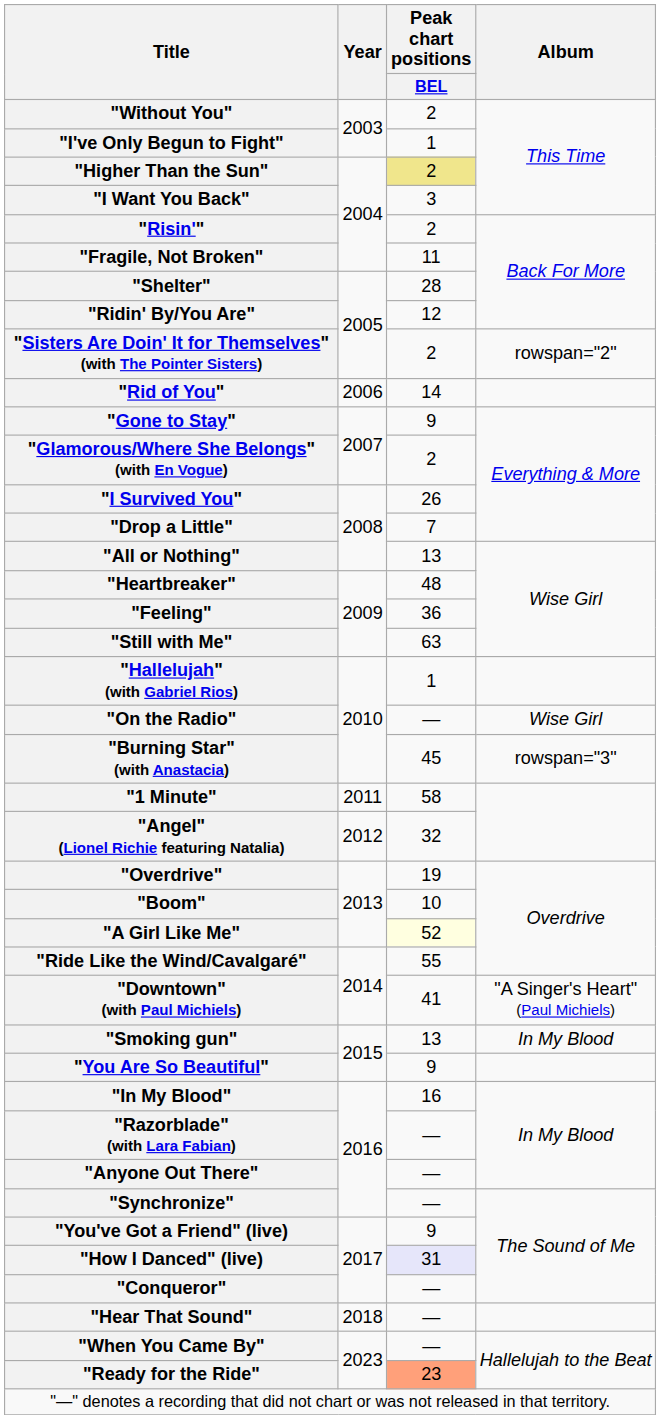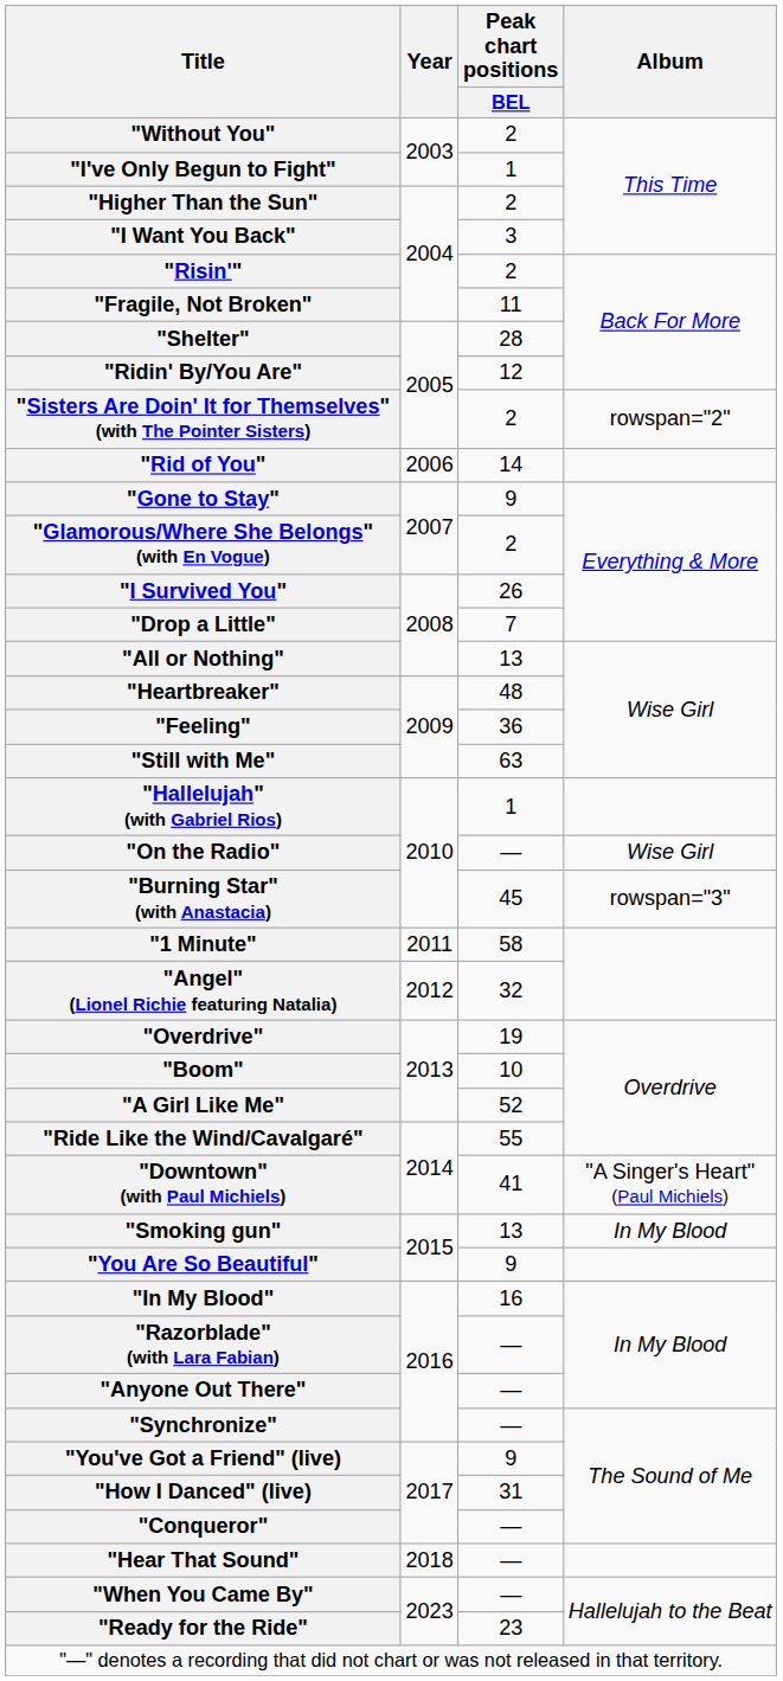 <table class="wikitable plainrowheaders" style="text-align:center;" border="1">
 <tr>
 <th scope="col" rowspan="2" style="width:18em;">Title</th>
 <th scope="col" rowspan="2">Year</th>
 <th scope="col" colspan="1">Peak chart positions</th>
 <th scope="col" rowspan="2">Album</th>
 </tr>
 <tr>
 <th scope="col" style="width:3.5em;font-size:90%;"><a href='#'>BEL</a><br></th>
 </tr>
 <tr>
 <th scope="row">"Without You"</th>
 <td rowspan="2">2003</td>
 <td>2</td>
 <td rowspan="4"><em><a href='#'>This Time</a></em></td>
 </tr>
 <tr>
 <th scope="row">"I've Only Begun to Fight"</th>
 <td>1</td>
 </tr>
 <tr>
 <th scope="row">"Higher Than the Sun"</th>
 <td rowspan="4">2004</td>
-<td style="background: khaki;">2</td>
+<td>2</td>
 </tr>
 <tr>
 <th scope="row">"I Want You Back"</th>
 <td>3</td>
 </tr>
 <tr>
 <th scope="row">"<a href='#'>Risin'</a>"</th>
 <td>2</td>
 <td rowspan="4"><em><a href='#'>Back For More</a></em></td>
 </tr>
 <tr>
 <th scope="row">"Fragile, Not Broken"</th>
 <td>11</td>
 </tr>
 <tr>
 <th scope="row">"Shelter"</th>
 <td rowspan="3">2005</td>
 <td>28</td>
 </tr>
 <tr>
 <th scope="row">"Ridin' By/You Are"</th>
 <td>12</td>
 </tr>
 <tr>
 <th scope="row">"<a href='#'>Sisters Are Doin' It for Themselves</a>"<br><small>(with <a href='#'>The Pointer Sisters</a>)</small></th>
 <td>2</td>
 <td>rowspan="2"</td>
 </tr>
 <tr>
 <th scope="row">"<a href='#'>Rid of You</a>"</th>
 <td>2006</td>
 <td>14</td>
 </tr>
 <tr>
 <th scope="row">"<a href='#'>Gone to Stay</a>"</th>
 <td rowspan="2">2007</td>
 <td>9</td>
 <td rowspan="4"><em><a href='#'>Everything & More</a></em></td>
 </tr>
 <tr>
 <th scope="row">"<a href='#'>Glamorous/Where She Belongs</a>"<br><small>(with <a href='#'>En Vogue</a>)</small></th>
 <td>2</td>
 </tr>
 <tr>
 <th scope="row">"<a href='#'>I Survived You</a>"</th>
 <td rowspan="3">2008</td>
 <td>26</td>
 </tr>
 <tr>
 <th scope="row">"Drop a Little"</th>
 <td>7</td>
 </tr>
 <tr>
 <th scope="row">"All or Nothing"</th>
 <td>13</td>
 <td rowspan="4"><em>Wise Girl</em></td>
 </tr>
 <tr>
 <th scope="row">"Heartbreaker"</th>
 <td rowspan="3">2009</td>
 <td>48</td>
 </tr>
 <tr>
 <th scope="row">"Feeling"</th>
 <td>36</td>
 </tr>
 <tr>
 <th scope="row">"Still with Me"</th>
 <td>63</td>
 </tr>
 <tr>
 <th scope="row">"<a href='#'>Hallelujah</a>"<br><small>(with <a href='#'>Gabriel Rios</a>)</small></th>
 <td rowspan="3">2010</td>
 <td>1</td>
 <td></td>
 </tr>
 <tr>
 <th scope="row">"On the Radio"</th>
 <td>—</td>
 <td><em>Wise Girl</em></td>
 </tr>
 <tr>
 <th scope="row">"Burning Star"<br><small>(with <a href='#'>Anastacia</a>)</small></th>
 <td>45</td>
 <td>rowspan="3" </td>
 </tr>
 <tr>
 <th scope="row">"1 Minute"</th>
 <td>2011</td>
 <td>58</td>
 </tr>
 <tr>
 <th scope="row">"Angel"<br><small>(<a href='#'>Lionel Richie</a> featuring Natalia)</small></th>
 <td>2012</td>
 <td>32</td>
 </tr>
 <tr>
 <th scope="row">"Overdrive"</th>
 <td rowspan="3">2013</td>
 <td>19</td>
 <td rowspan="4"><em>Overdrive</em></td>
 </tr>
 <tr>
 <th scope="row">"Boom"</th>
 <td>10</td>
 </tr>
 <tr>
 <th scope="row">"A Girl Like Me"</th>
-<td style="background: lightyellow;">52</td>
+<td>52</td>
 </tr>
 <tr>
 <th scope="row">"Ride Like the Wind/Cavalgaré"</th>
 <td rowspan="2">2014</td>
 <td>55</td>
 </tr>
 <tr>
 <th scope="row">"Downtown"<br><small>(with <a href='#'>Paul Michiels</a>)</small></th>
 <td>41</td>
 <td>"A Singer's Heart"<br><small>(<a href='#'>Paul Michiels</a>)</small></td>
 </tr>
 <tr>
 <th scope="row">"Smoking gun"</th>
 <td rowspan="2">2015</td>
 <td>13</td>
 <td><em>In My Blood</em></td>
 </tr>
 <tr>
 <th scope="row">"<a href='#'>You Are So Beautiful</a>"</th>
 <td>9</td>
 <td></td>
 </tr>
 <tr>
 <th scope="row">"In My Blood"</th>
 <td rowspan="4">2016</td>
 <td>16</td>
 <td rowspan="3"><em>In My Blood</em></td>
 </tr>
 <tr>
 <th scope="row">"Razorblade"<br><small>(with <a href='#'>Lara Fabian</a>)</small></th>
 <td>—</td>
 </tr>
 <tr>
 <th scope="row">"Anyone Out There"</th>
 <td>—</td>
 </tr>
 <tr>
 <th scope="row">"Synchronize"</th>
 <td>—</td>
 <td rowspan="4"><em>The Sound of Me</em></td>
 </tr>
 <tr>
 <th scope="row">"You've Got a Friend" (live)</th>
 <td rowspan="3">2017</td>
 <td>9</td>
 </tr>
 <tr>
 <th scope="row">"How I Danced" (live)</th>
-<td style="background: lavender;">31</td>
+<td>31</td>
 </tr>
 <tr>
 <th scope="row">"Conqueror"</th>
 <td>—</td>
 </tr>
 <tr>
 <th scope="row">"Hear That Sound"</th>
 <td>2018</td>
 <td>—</td>
 <td></td>
 </tr>
 <tr>
 <th scope="row">"When You Came By"</th>
 <td rowspan="2">2023</td>
 <td>—</td>
 <td rowspan="2"><em>Hallelujah to the Beat</em></td>
 </tr>
 <tr>
 <th scope="row">"Ready for the Ride"</th>
-<td style="background: lightsalmon;">23</td>
+<td>23</td>
 </tr>
 <tr>
 <td colspan="4" style="font-size:90%">"—" denotes a recording that did not chart or was not released in that territory.</td>
 </tr>
 </table>
